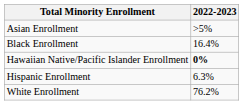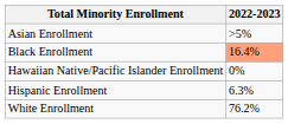 <table class="wikitable">
 <tr>
 <th>Total Minority Enrollment</th>
 <th>2022-2023</th>
 </tr>
 <tr>
 <td>Asian Enrollment</td>
 <td>>5%</td>
 </tr>
 <tr>
 <td>Black Enrollment</td>
-<td>16.4%</td>
+<td style="background: lightsalmon;">16.4%</td>
 </tr>
 <tr>
 <td>Hawaiian Native/Pacific Islander Enrollment</td>
-<td><strong>0%</strong></td>
+<td>0%</td>
 </tr>
 <tr>
 <td>Hispanic Enrollment</td>
 <td>6.3%</td>
 </tr>
 <tr>
 <td>White Enrollment</td>
 <td>76.2%</td>
 </tr>
 </table>
